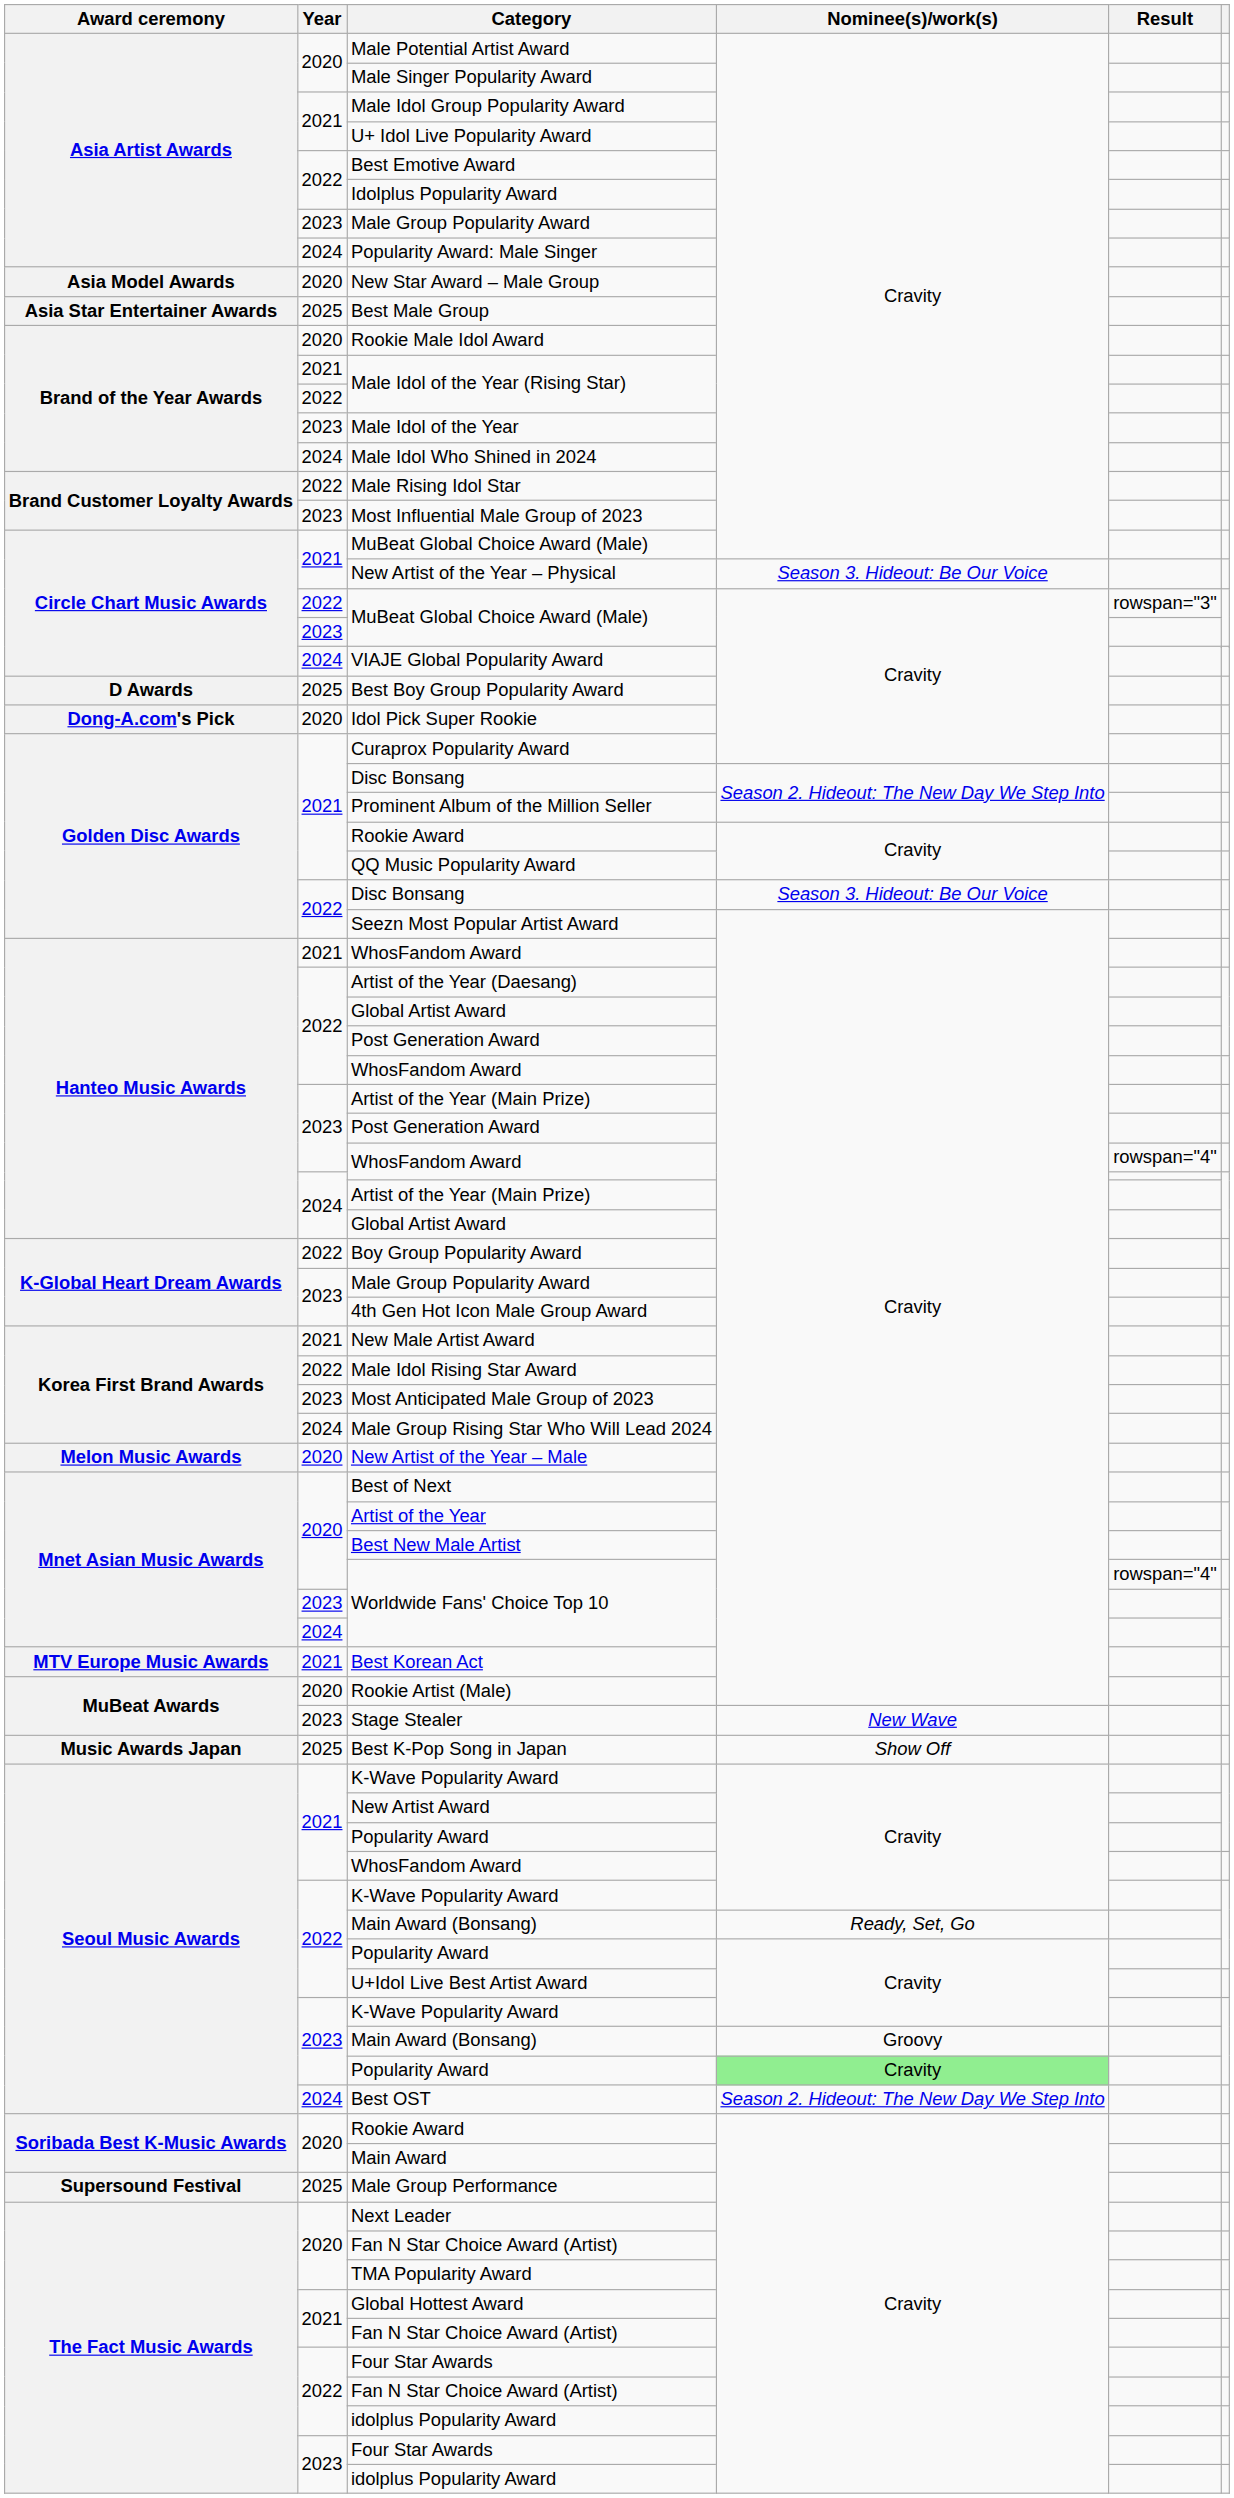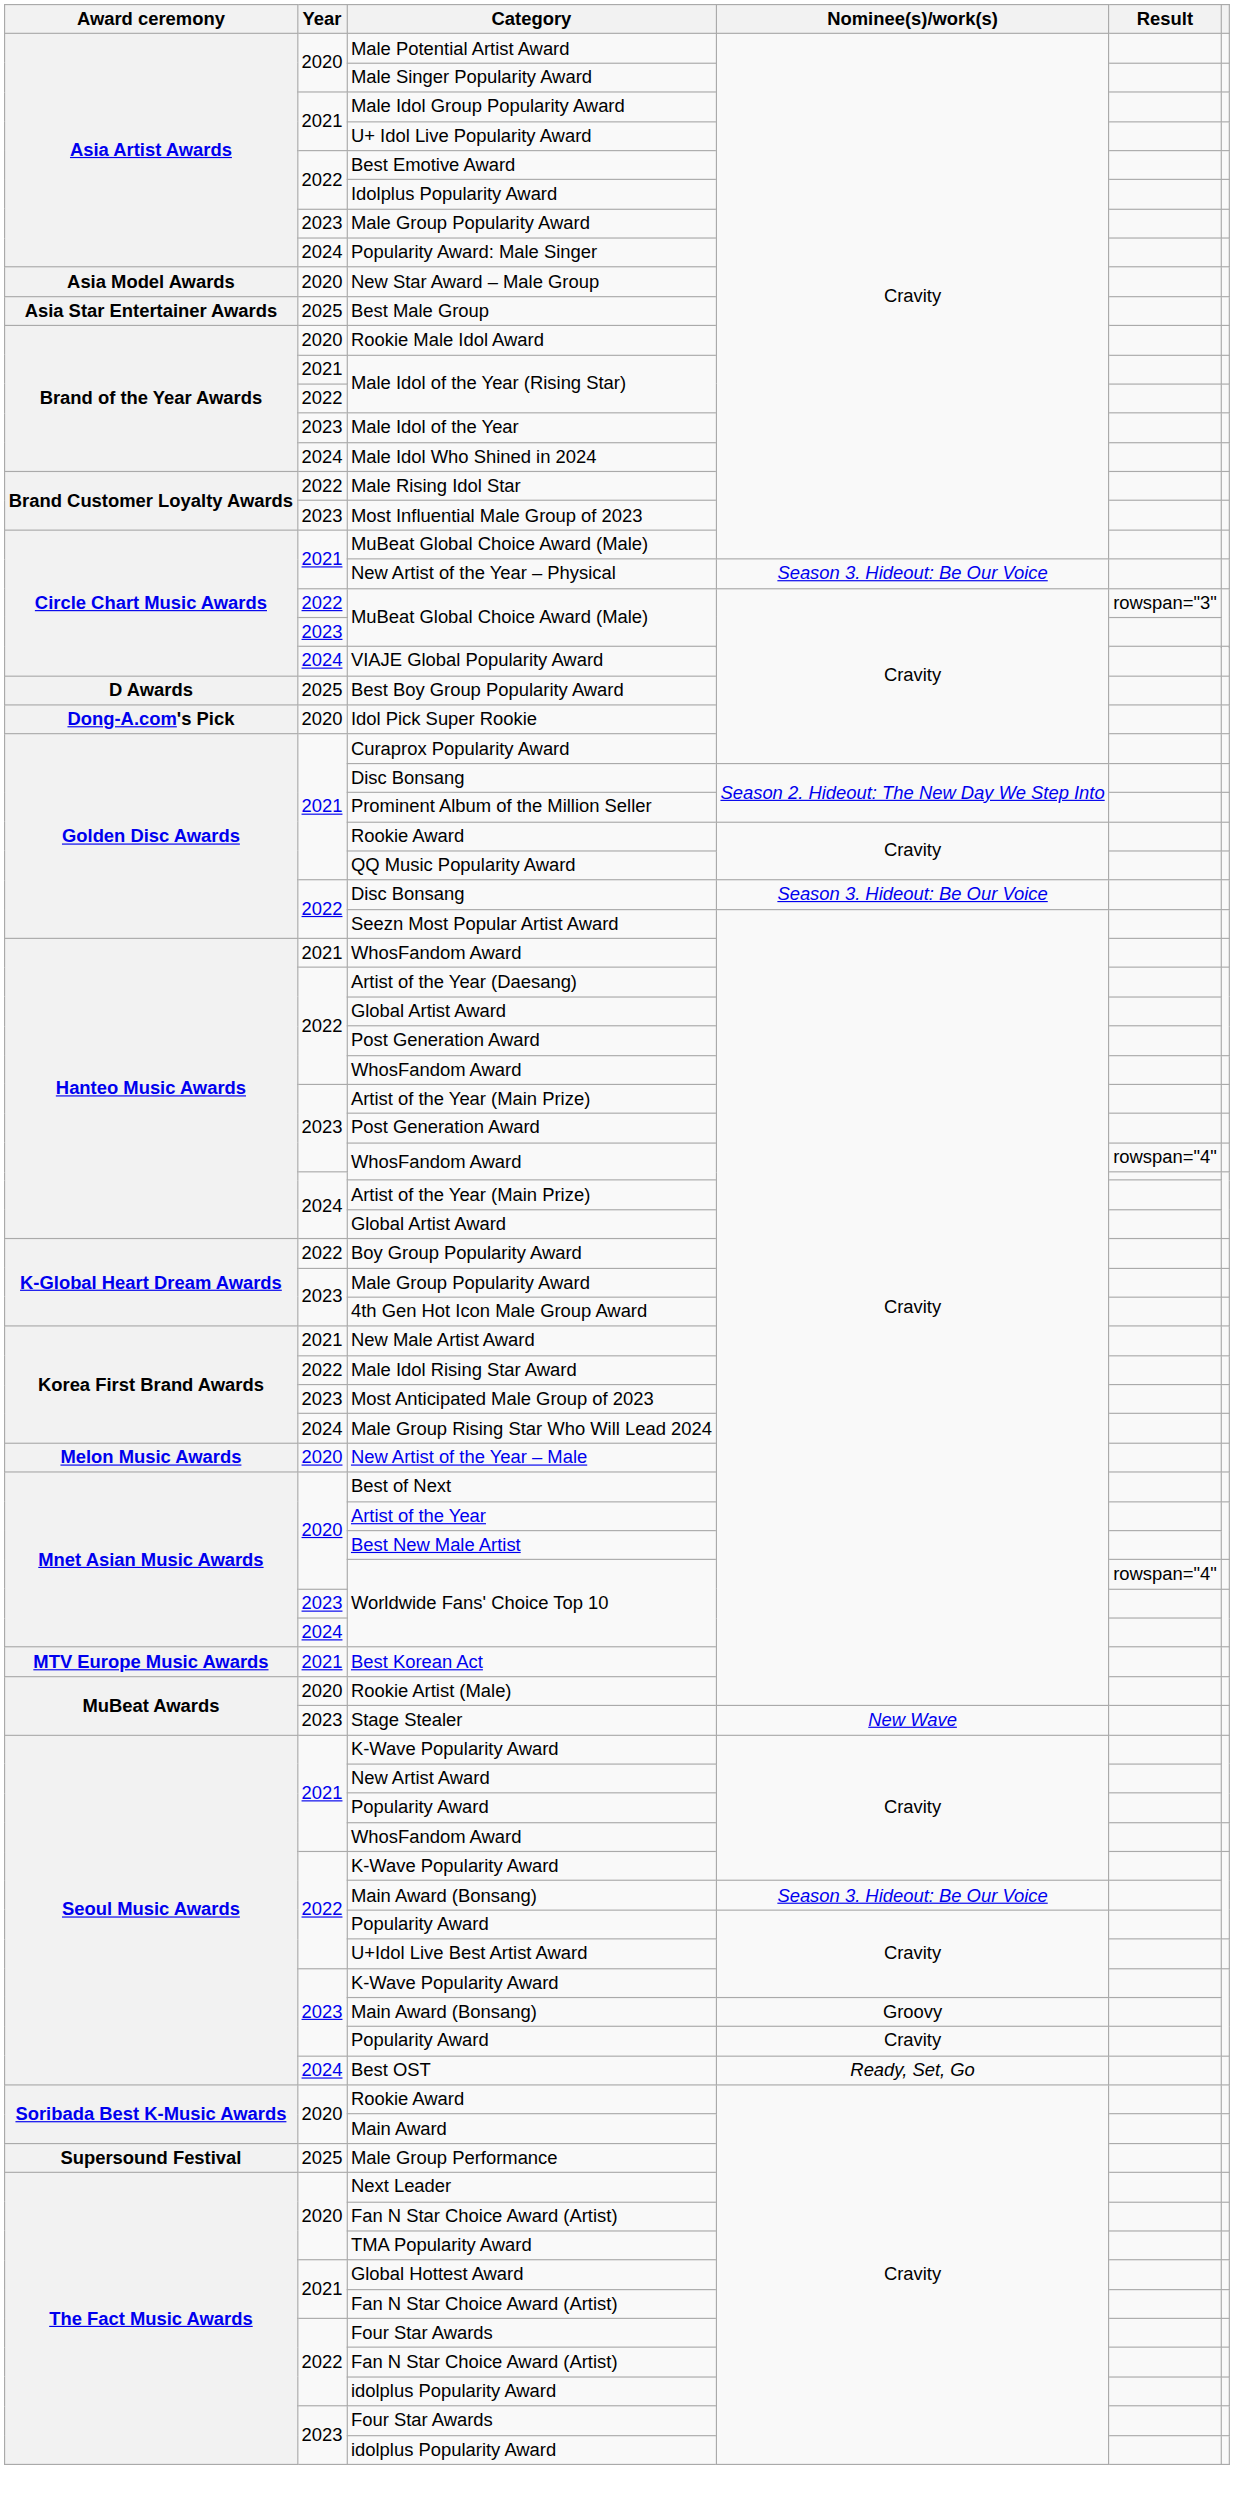 <table class="wikitable sortable plainrowheaders">
 <tr>
 <th scope="col">Award ceremony</th>
 <th scope="col">Year</th>
 <th scope="col">Category</th>
 <th scope="col">Nominee(s)/work(s)</th>
 <th scope="col">Result</th>
 <th scope="col" class="unsortable"></th>
 </tr>
 <tr>
 <th scope="row" rowspan="8"><a href='#'>Asia Artist Awards</a></th>
 <td rowspan="2" align=center>2020</td>
 <td>Male Potential Artist Award</td>
 <td align=center rowspan="18">Cravity</td>
 <td></td>
 <td align=center></td>
 </tr>
 <tr>
 <td>Male Singer Popularity Award</td>
 <td></td>
 <td align=center></td>
 </tr>
 <tr>
 <td rowspan="2" align=center>2021</td>
 <td>Male Idol Group Popularity Award</td>
 <td></td>
 <td align=center></td>
 </tr>
 <tr>
 <td>U+ Idol Live Popularity Award</td>
 <td></td>
 <td align=center></td>
 </tr>
 <tr>
 <td align=center rowspan="2">2022</td>
 <td>Best Emotive Award</td>
 <td></td>
 <td align=center></td>
 </tr>
 <tr>
 <td>Idolplus Popularity Award</td>
 <td></td>
 <td align=center></td>
 </tr>
 <tr>
 <td align=center>2023</td>
 <td>Male Group Popularity Award</td>
 <td></td>
 <td align=center></td>
 </tr>
 <tr>
 <td align=center>2024</td>
 <td>Popularity Award: Male Singer</td>
 <td></td>
 <td align=center></td>
 </tr>
 <tr>
 <th scope="row">Asia Model Awards</th>
 <td align=center>2020</td>
 <td>New Star Award – Male Group</td>
 <td></td>
 <td align=center></td>
 </tr>
 <tr>
 <th scope="row">Asia Star Entertainer Awards</th>
 <td align=center>2025</td>
 <td>Best Male Group</td>
 <td></td>
 <td align=center></td>
 </tr>
 <tr>
 <th scope="row" rowspan="5">Brand of the Year Awards</th>
 <td align=center>2020</td>
 <td>Rookie Male Idol Award</td>
 <td></td>
 <td align=center></td>
 </tr>
 <tr>
 <td align=center>2021</td>
 <td rowspan="2">Male Idol of the Year (Rising Star)</td>
 <td></td>
 <td align=center></td>
 </tr>
 <tr>
 <td align=center>2022</td>
 <td></td>
 <td align=center></td>
 </tr>
 <tr>
 <td align=center>2023</td>
 <td>Male Idol of the Year</td>
 <td></td>
 <td align=center></td>
 </tr>
 <tr>
 <td align=center>2024</td>
 <td>Male Idol Who Shined in 2024</td>
 <td></td>
 <td align=center></td>
 </tr>
 <tr>
 <th scope="row" rowspan="2">Brand Customer Loyalty Awards</th>
 <td align=center>2022</td>
 <td>Male Rising Idol Star</td>
 <td></td>
 <td align=center></td>
 </tr>
 <tr>
 <td align=center>2023</td>
 <td>Most Influential Male Group of 2023</td>
 <td></td>
 <td align=center></td>
 </tr>
 <tr>
 <th scope="row" rowspan="6"><a href='#'>Circle Chart Music Awards</a></th>
 <td rowspan="2" align=center><a href='#'>2021</a></td>
 <td>MuBeat Global Choice Award (Male)</td>
 <td></td>
 <td align=center></td>
 </tr>
 <tr>
 <td>New Artist of the Year – Physical</td>
 <td align=center><em> <a href='#'>Season 3. Hideout: Be Our Voice</a></em></td>
 <td></td>
 <td align=center></td>
 </tr>
 <tr>
 <td align=center><a href='#'>2022</a></td>
 <td rowspan="3">MuBeat Global Choice Award (Male)</td>
 <td align=center rowspan="7">Cravity</td>
 <td>rowspan="3" </td>
 <td align=center rowspan="3"></td>
 </tr>
 <tr>
 <td align=center><a href='#'>2023</a></td>
 </tr>
 <tr>
 <td align=center rowspan="2"><a href='#'>2024</a></td>
 </tr>
 <tr>
 <td>VIAJE Global Popularity Award</td>
 <td></td>
 <td align=center></td>
 </tr>
 <tr>
 <th scope="row">D Awards</th>
 <td align=center>2025</td>
 <td>Best Boy Group Popularity Award</td>
 <td></td>
 <td align=center></td>
 </tr>
 <tr>
 <th scope="row"><a href='#'>Dong-A.com</a>'s Pick</th>
 <td align=center>2020</td>
 <td>Idol Pick Super Rookie</td>
 <td></td>
 <td align=center></td>
 </tr>
 <tr>
 <th scope="row" rowspan="7"><a href='#'>Golden Disc Awards</a></th>
 <td rowspan="5" align=center><a href='#'>2021</a></td>
 <td>Curaprox Popularity Award</td>
 <td></td>
 <td align=center></td>
 </tr>
 <tr>
 <td>Disc Bonsang</td>
 <td align=center rowspan="2"><em><a href='#'>Season 2. Hideout: The New Day We Step Into</a></em></td>
 <td></td>
 <td align=center></td>
 </tr>
 <tr>
 <td>Prominent Album of the Million Seller</td>
 <td></td>
 <td align=center></td>
 </tr>
 <tr>
 <td>Rookie Award</td>
 <td align=center rowspan="2">Cravity</td>
 <td></td>
 <td align=center></td>
 </tr>
 <tr>
 <td>QQ Music Popularity Award</td>
 <td></td>
 <td align=center></td>
 </tr>
 <tr>
 <td rowspan="2" align=center><a href='#'>2022</a></td>
 <td>Disc Bonsang</td>
 <td align=center><em><a href='#'>Season 3. Hideout: Be Our Voice</a></em></td>
 <td></td>
 <td align=center></td>
 </tr>
 <tr>
 <td>Seezn Most Popular Artist Award</td>
 <td align=center rowspan="28">Cravity</td>
 <td></td>
 <td style="text-align:center"></td>
 </tr>
 <tr>
 <th scope="row" rowspan="11"><a href='#'>Hanteo Music Awards</a></th>
 <td align=center>2021</td>
 <td>WhosFandom Award</td>
 <td></td>
 <td style="text-align:center"></td>
 </tr>
 <tr>
 <td align=center rowspan="4">2022</td>
 <td>Artist of the Year (Daesang)</td>
 <td></td>
 <td style="text-align:center" rowspan="3"></td>
 </tr>
 <tr>
 <td>Global Artist Award</td>
 <td></td>
 </tr>
 <tr>
 <td>Post Generation Award</td>
 <td></td>
 </tr>
 <tr>
 <td>WhosFandom Award</td>
 <td></td>
 <td style="text-align:center"></td>
 </tr>
 <tr>
 <td align=center rowspan="3">2023</td>
 <td>Artist of the Year (Main Prize)</td>
 <td></td>
 <td align=center></td>
 </tr>
 <tr>
 <td>Post Generation Award</td>
 <td></td>
 <td align=center></td>
 </tr>
 <tr>
 <td rowspan="2">WhosFandom Award</td>
 <td>rowspan="4" </td>
 <td style="text-align:center"></td>
 </tr>
 <tr>
 <td align=center rowspan="3">2024</td>
 <td style="text-align:center"></td>
 </tr>
 <tr>
 <td>Artist of the Year (Main Prize)</td>
 <td style="text-align:center"></td>
 </tr>
 <tr>
 <td>Global Artist Award</td>
 <td style="text-align:center"></td>
 </tr>
 <tr>
 <th scope="row" rowspan="3"><a href='#'>K-Global Heart Dream Awards</a></th>
 <td align=center>2022</td>
 <td>Boy Group Popularity Award</td>
 <td></td>
 <td align=center></td>
 </tr>
 <tr>
 <td align=center rowspan="2">2023</td>
 <td>Male Group Popularity Award</td>
 <td></td>
 <td align=center></td>
 </tr>
 <tr>
 <td>4th Gen Hot Icon Male Group Award</td>
 <td></td>
 <td align=center></td>
 </tr>
 <tr>
 <th scope="row" rowspan="4">Korea First Brand Awards</th>
 <td align=center>2021</td>
 <td>New Male Artist Award</td>
 <td></td>
 <td align=center></td>
 </tr>
 <tr>
 <td align=center>2022</td>
 <td>Male Idol Rising Star Award</td>
 <td></td>
 <td align=center></td>
 </tr>
 <tr>
 <td align=center>2023</td>
 <td>Most Anticipated Male Group of 2023</td>
 <td></td>
 <td align=center></td>
 </tr>
 <tr>
 <td align=center>2024</td>
 <td>Male Group Rising Star Who Will Lead 2024</td>
 <td></td>
 <td align=center></td>
 </tr>
 <tr>
 <th scope="row"><a href='#'>Melon Music Awards</a></th>
 <td align=center><a href='#'>2020</a></td>
 <td><a href='#'>New Artist of the Year – Male</a></td>
 <td></td>
 <td align=center></td>
 </tr>
 <tr>
 <th scope="row" rowspan="6"><a href='#'>Mnet Asian Music Awards</a></th>
 <td rowspan="4" align=center><a href='#'>2020</a></td>
 <td>Best of Next</td>
 <td></td>
 <td align=center></td>
 </tr>
 <tr>
 <td><a href='#'>Artist of the Year</a></td>
 <td></td>
 <td rowspan="2" align=center></td>
 </tr>
 <tr>
 <td><a href='#'>Best New Male Artist</a></td>
 <td></td>
 </tr>
 <tr>
 <td rowspan="3">Worldwide Fans' Choice Top 10</td>
 <td>rowspan="4" </td>
 <td align=center></td>
 </tr>
 <tr>
 <td align=center><a href='#'>2023</a></td>
 <td align=center></td>
 </tr>
 <tr>
 <td align=center><a href='#'>2024</a></td>
 <td align=center></td>
 </tr>
 <tr>
 <th scope="row"><a href='#'>MTV Europe Music Awards</a></th>
 <td align=center><a href='#'>2021</a></td>
 <td><a href='#'>Best Korean Act</a></td>
 <td></td>
 <td align=center></td>
 </tr>
 <tr>
 <th scope="row" rowspan="2">MuBeat Awards</th>
 <td align=center>2020</td>
 <td>Rookie Artist (Male)</td>
 <td></td>
 <td align=center></td>
 </tr>
 <tr>
 <td align=center>2023</td>
 <td>Stage Stealer</td>
 <td align=center><em><a href='#'>New Wave</a></em></td>
 <td></td>
 <td align=center></td>
 </tr>
 <tr>
-<th scope="row">Music Awards Japan</th>
-<td align=center>2025</td>
-<td>Best K-Pop Song in Japan</td>
-<td align=center><em>Show Off</em></td>
-<td></td>
-<td align=center></td>
-</tr>
-<tr>
 <th scope="row" rowspan="12"><a href='#'>Seoul Music Awards</a></th>
 <td rowspan="4" align=center><a href='#'>2021</a></td>
 <td>K-Wave Popularity Award</td>
 <td align=center rowspan="5">Cravity</td>
 <td></td>
 <td rowspan="3" align=center></td>
 </tr>
 <tr>
 <td>New Artist Award</td>
 <td></td>
 </tr>
 <tr>
 <td>Popularity Award</td>
 <td></td>
 </tr>
 <tr>
 <td>WhosFandom Award</td>
 <td></td>
 <td align=center></td>
 </tr>
 <tr>
 <td rowspan="4" align=center><a href='#'>2022</a></td>
 <td>K-Wave Popularity Award</td>
 <td></td>
 <td rowspan="3" align=center></td>
 </tr>
 <tr>
 <td>Main Award (Bonsang)</td>
-<td align=center><em>Ready, Set, Go</em></td>
+<td align=center><em> <a href='#'>Season 3. Hideout: Be Our Voice</a></em></td>
 <td></td>
 </tr>
 <tr>
 <td>Popularity Award</td>
 <td align=center rowspan="3">Cravity</td>
 <td></td>
 </tr>
 <tr>
 <td>U+Idol Live Best Artist Award</td>
 <td></td>
 <td></td>
 </tr>
 <tr>
 <td rowspan="3" align=center><a href='#'>2023</a></td>
 <td>K-Wave Popularity Award</td>
 <td></td>
 <td rowspan="3" align=center></td>
 </tr>
 <tr>
 <td>Main Award (Bonsang)</td>
 <td align=center>Groovy</td>
 <td></td>
 </tr>
 <tr>
 <td>Popularity Award</td>
-<td align=center style="background: lightgreen;">Cravity</td>
+<td align=center>Cravity</td>
 <td></td>
 </tr>
 <tr>
 <td align=center><a href='#'>2024</a></td>
 <td>Best OST</td>
-<td align=center><em><a href='#'>Season 2. Hideout: The New Day We Step Into</a></em></td>
+<td align=center><em>Ready, Set, Go</em></td>
 <td></td>
 <td align=center></td>
 </tr>
 <tr>
 <th scope="row" rowspan="2"><a href='#'>Soribada Best K-Music Awards</a></th>
 <td rowspan="2" align=center>2020</td>
 <td>Rookie Award</td>
 <td align=center rowspan="13">Cravity</td>
 <td></td>
 <td align=center></td>
 </tr>
 <tr>
 <td>Main Award</td>
 <td></td>
 <td align=center></td>
 </tr>
 <tr>
 <th scope="row">Supersound Festival</th>
 <td align=center>2025</td>
 <td>Male Group Performance</td>
 <td></td>
 <td align=center></td>
 </tr>
 <tr>
 <th scope="row" rowspan="10"><a href='#'>The Fact Music Awards</a></th>
 <td rowspan="3" align=center>2020</td>
 <td>Next Leader</td>
 <td></td>
 <td align=center></td>
 </tr>
 <tr>
 <td>Fan N Star Choice Award (Artist)</td>
 <td></td>
 <td align=center></td>
 </tr>
 <tr>
 <td>TMA Popularity Award</td>
 <td></td>
 <td align=center></td>
 </tr>
 <tr>
 <td rowspan="2" align=center>2021</td>
 <td>Global Hottest Award</td>
 <td></td>
 <td align=center></td>
 </tr>
 <tr>
 <td>Fan N Star Choice Award (Artist)</td>
 <td></td>
 <td align=center></td>
 </tr>
 <tr>
 <td rowspan="3" align=center>2022</td>
 <td>Four Star Awards</td>
 <td></td>
 <td align=center></td>
 </tr>
 <tr>
 <td>Fan N Star Choice Award (Artist)</td>
 <td></td>
 <td align=center></td>
 </tr>
 <tr>
 <td>idolplus Popularity Award</td>
 <td></td>
 <td align=center></td>
 </tr>
 <tr>
 <td align=center rowspan="2">2023</td>
 <td>Four Star Awards</td>
 <td></td>
 <td align=center></td>
 </tr>
 <tr>
 <td>idolplus Popularity Award</td>
 <td></td>
 <td align=center></td>
 </tr>
 </table>
